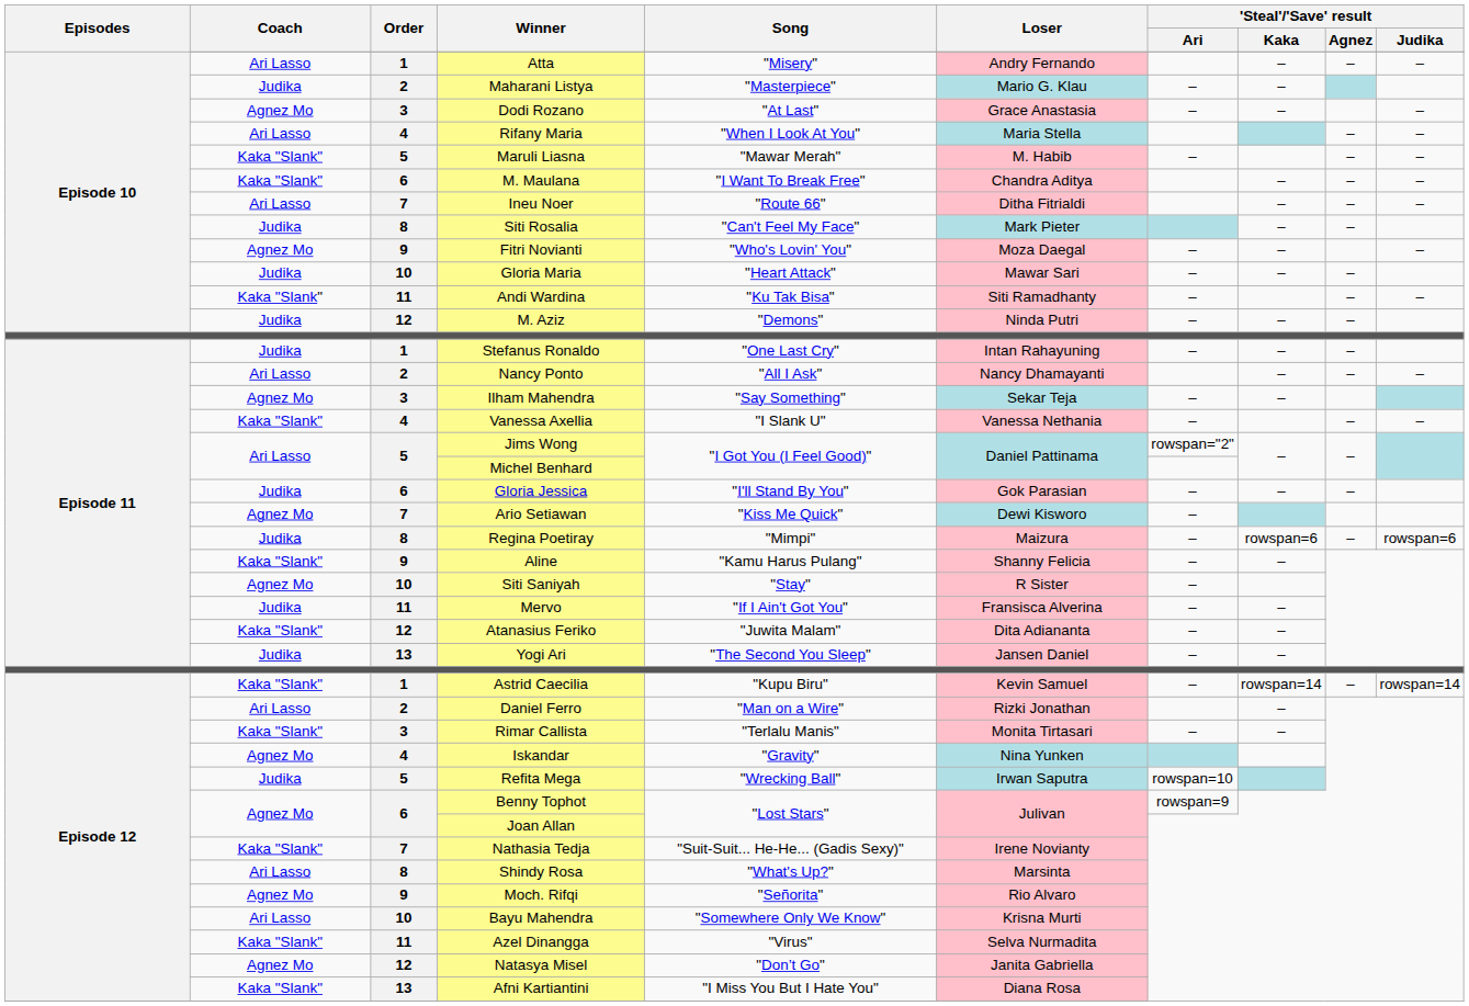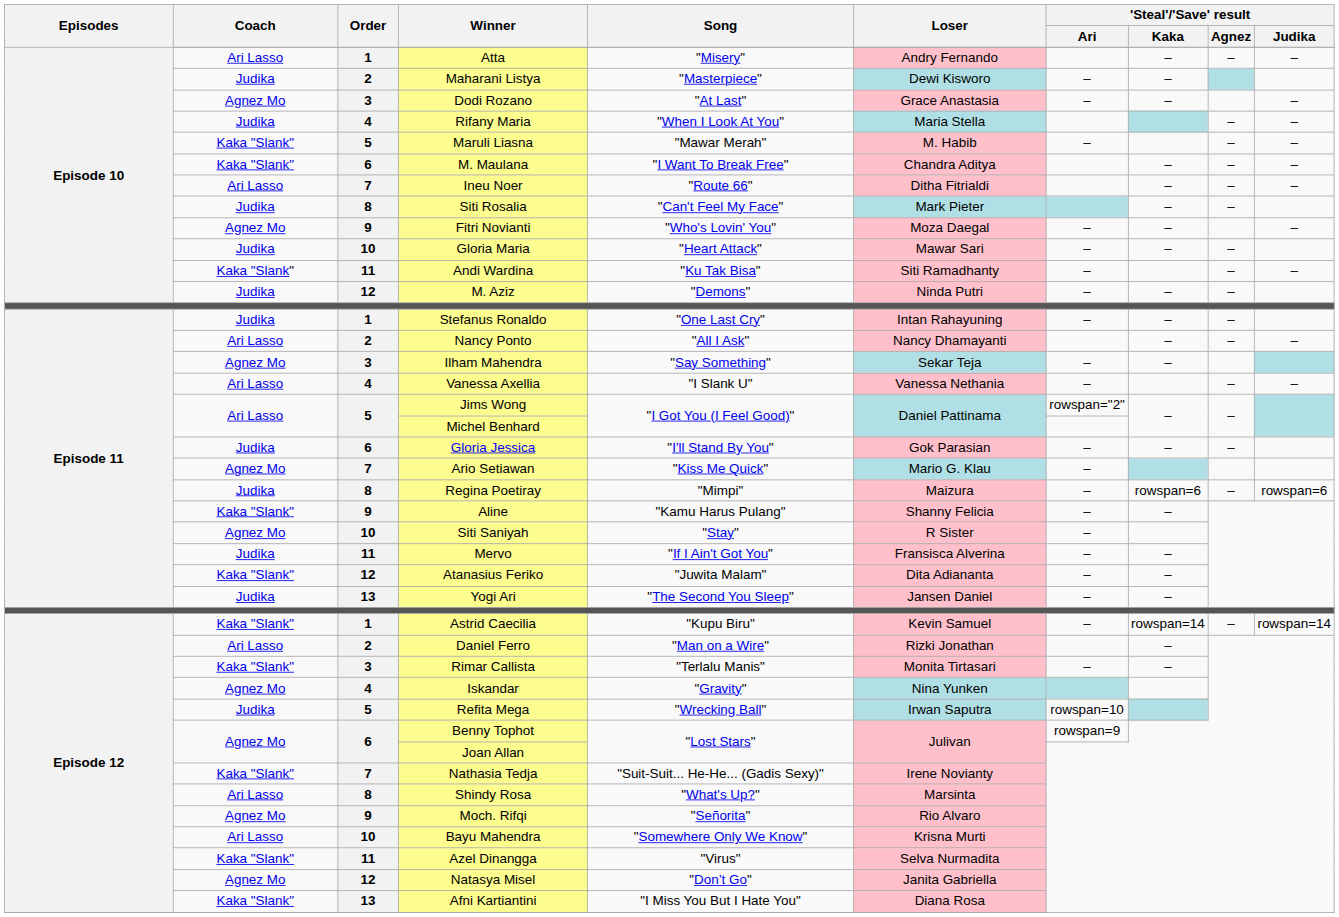 <table class="wikitable" style="text-align: center; width:100%;">
 <tr>
 <th rowspan="2" style="width:15%;">Episodes</th>
 <th rowspan="2" style="width:15%;">Coach</th>
 <th rowspan="2" style="width:05%;">Order</th>
 <th rowspan="2" style="width:17%;">Winner</th>
 <th rowspan="2" style="width:24%;">Song</th>
 <th rowspan="2" style="width:17%;">Loser</th>
 <th colspan="4" style="width:16%;">'Steal'/'Save' result</th>
 </tr>
 <tr>
 <th style="width:04%;">Ari</th>
 <th style="width:04%;">Kaka</th>
 <th style="width:04%;">Agnez</th>
 <th style="width:04%;">Judika</th>
 </tr>
 <tr>
 <th rowspan="13">Episode 10<br><small></small></th>
 </tr>
 <tr>
 <td><a href='#'>Ari Lasso</a></td>
 <th>1</th>
 <td style="background:#fdfc8f;">Atta</td>
 <td>"<a href='#'>Misery</a>"</td>
 <td style="background:pink;">Andry Fernando</td>
 <td></td>
 <td>–</td>
 <td>–</td>
 <td>–</td>
 </tr>
 <tr>
 <td><a href='#'>Judika</a></td>
 <th>2</th>
 <td style="background:#fdfc8f;">Maharani Listya</td>
 <td>"<a href='#'>Masterpiece</a>"</td>
-<td style="background:#b0e0e6">Mario G. Klau</td>
+<td style="background:#b0e0e6">Dewi Kisworo</td>
 <td>–</td>
 <td>–</td>
 <td style="background:#b0e0e6"><strong></strong></td>
 <td></td>
 </tr>
 <tr>
 <td><a href='#'>Agnez Mo</a></td>
 <th>3</th>
 <td style="background:#fdfc8f;">Dodi Rozano</td>
 <td>"<a href='#'>At Last</a>"</td>
 <td style="background:pink;">Grace Anastasia</td>
 <td>–</td>
 <td>–</td>
 <td></td>
 <td>–</td>
 </tr>
 <tr>
-<td><a href='#'>Ari Lasso</a></td>
+<td><a href='#'>Judika</a></td>
 <th>4</th>
 <td style="background:#fdfc8f;">Rifany Maria</td>
 <td>"<a href='#'>When I Look At You</a>"</td>
 <td style="background:#b0e0e6">Maria Stella</td>
 <td></td>
 <td style="background:#b0e0e6"><strong></strong></td>
 <td>–</td>
 <td>–</td>
 </tr>
 <tr>
 <td><a href='#'>Kaka "Slank"</a></td>
 <th>5</th>
 <td style="background:#fdfc8f;">Maruli Liasna</td>
 <td>"Mawar Merah"</td>
 <td style="background:pink;">M. Habib</td>
 <td>–</td>
 <td></td>
 <td>–</td>
 <td>–</td>
 </tr>
 <tr>
 <td><a href='#'>Kaka "Slank"</a></td>
 <th>6</th>
 <td style="background:#fdfc8f;">M. Maulana</td>
 <td>"<a href='#'>I Want To Break Free</a>"</td>
 <td style="background:pink;">Chandra Aditya</td>
 <td></td>
 <td>–</td>
 <td>–</td>
 <td>–</td>
 </tr>
 <tr>
 <td><a href='#'>Ari Lasso</a></td>
 <th>7</th>
 <td style="background:#fdfc8f;">Ineu Noer</td>
 <td>"<a href='#'>Route 66</a>"</td>
 <td style="background:pink;">Ditha Fitrialdi</td>
 <td></td>
 <td>–</td>
 <td>–</td>
 <td>–</td>
 </tr>
 <tr>
 <td><a href='#'>Judika</a></td>
 <th>8</th>
 <td style="background:#fdfc8f;">Siti Rosalia</td>
 <td>"<a href='#'>Can't Feel My Face</a>"</td>
 <td style="background:#B0E0E6;">Mark Pieter</td>
 <td style="background:#b0e0e6"><strong></strong></td>
 <td>–</td>
 <td>–</td>
 <td></td>
 </tr>
 <tr>
 <td><a href='#'>Agnez Mo</a></td>
 <th>9</th>
 <td style="background:#fdfc8f;">Fitri Novianti</td>
 <td>"<a href='#'>Who's Lovin' You</a>"</td>
 <td style="background:pink;">Moza Daegal</td>
 <td>–</td>
 <td>–</td>
 <td></td>
 <td>–</td>
 </tr>
 <tr>
 <td><a href='#'>Judika</a></td>
 <th>10</th>
 <td style="background:#fdfc8f;">Gloria Maria</td>
 <td>"<a href='#'>Heart Attack</a>"</td>
 <td style="background:pink;">Mawar Sari</td>
 <td>–</td>
 <td>–</td>
 <td>–</td>
 <td></td>
 </tr>
 <tr>
 <td><a href='#'>Kaka "Slank</a>"</td>
 <th>11</th>
 <td style="background:#fdfc8f;">Andi Wardina</td>
 <td>"<a href='#'>Ku Tak Bisa</a>"</td>
 <td style="background:pink;">Siti Ramadhanty</td>
 <td>–</td>
 <td></td>
 <td>–</td>
 <td>–</td>
 </tr>
 <tr>
 <td><a href='#'>Judika</a></td>
 <th>12</th>
 <td style="background:#fdfc8f;">M. Aziz</td>
 <td>"<a href='#'>Demons</a>"</td>
 <td style="background:pink;">Ninda Putri</td>
 <td>–</td>
 <td>–</td>
 <td>–</td>
 <td></td>
 </tr>
 <tr>
 <td colspan="10" style="background:#555;"></td>
 </tr>
 <tr>
 <th rowspan="14">Episode 11<br><small></small></th>
 <td><a href='#'>Judika</a></td>
 <th>1</th>
 <td style="background:#fdfc8f;">Stefanus Ronaldo</td>
 <td>"<a href='#'>One Last Cry</a>"</td>
 <td style="background:pink;">Intan Rahayuning</td>
 <td>–</td>
 <td>–</td>
 <td>–</td>
 <td></td>
 </tr>
 <tr>
 <td><a href='#'>Ari Lasso</a></td>
 <th>2</th>
 <td style="background:#fdfc8f;">Nancy Ponto</td>
 <td>"<a href='#'>All I Ask</a>"</td>
 <td style="background:pink;">Nancy Dhamayanti</td>
 <td></td>
 <td>–</td>
 <td>–</td>
 <td>–</td>
 </tr>
 <tr>
 <td><a href='#'>Agnez Mo</a></td>
 <th>3</th>
 <td style="background:#fdfc8f;">Ilham Mahendra</td>
 <td>"<a href='#'>Say Something</a>"</td>
 <td style="background:#b0e0e6">Sekar Teja</td>
 <td>–</td>
 <td>–</td>
 <td></td>
 <td style="background:#b0e0e6"><strong></strong></td>
 </tr>
 <tr>
-<td><a href='#'>Kaka "Slank"</a></td>
+<td><a href='#'>Ari Lasso</a></td>
 <th>4</th>
 <td style="background:#fdfc8f;">Vanessa Axellia</td>
 <td>"I Slank U"</td>
 <td style="background:pink;">Vanessa Nethania</td>
 <td>–</td>
 <td></td>
 <td>–</td>
 <td>–</td>
 </tr>
 <tr>
 <td rowspan="2"><a href='#'>Ari Lasso</a></td>
 <th rowspan="2">5</th>
 <td style="background:#fdfc8f;">Jims Wong</td>
 <td rowspan="2">"<a href='#'>I Got You (I Feel Good)</a>"</td>
 <td rowspan="2" style="background:#b0e0e6">Daniel Pattinama</td>
 <td>rowspan="2" </td>
 <td rowspan="2">–</td>
 <td rowspan="2">–</td>
 <td rowspan="2" style="background:#b0e0e6"><strong></strong></td>
 </tr>
 <tr>
 <td style="background:#fdfc8f;">Michel Benhard</td>
 </tr>
 <tr>
 <td><a href='#'>Judika</a></td>
 <th>6</th>
 <td style="background:#fdfc8f;"><a href='#'>Gloria Jessica</a></td>
 <td>"<a href='#'>I'll Stand By You</a>"</td>
 <td style="background:pink;">Gok Parasian</td>
 <td>–</td>
 <td>–</td>
 <td>–</td>
 <td></td>
 </tr>
 <tr>
 <td><a href='#'>Agnez Mo</a></td>
 <th>7</th>
 <td style="background:#fdfc8f;">Ario Setiawan</td>
 <td>"<a href='#'>Kiss Me Quick</a>"</td>
-<td style="background:#b0e0e6">Dewi Kisworo</td>
+<td style="background:#b0e0e6">Mario G. Klau</td>
 <td>–</td>
 <td style="background:#b0e0e6"><strong></strong></td>
 <td></td>
 <td><strong></strong></td>
 </tr>
 <tr>
 <td><a href='#'>Judika</a></td>
 <th>8</th>
 <td style="background:#fdfc8f;">Regina Poetiray</td>
 <td>"Mimpi"</td>
 <td style="background:pink;">Maizura</td>
 <td>–</td>
 <td>rowspan=6 </td>
 <td>–</td>
 <td>rowspan=6 </td>
 </tr>
 <tr>
 <td><a href='#'>Kaka "Slank"</a></td>
 <th>9</th>
 <td style="background:#fdfc8f;">Aline</td>
 <td>"Kamu Harus Pulang"</td>
 <td style="background:pink;">Shanny Felicia</td>
 <td>–</td>
 <td>–</td>
 </tr>
 <tr>
 <td><a href='#'>Agnez Mo</a></td>
 <th>10</th>
 <td style="background:#fdfc8f;">Siti Saniyah</td>
 <td>"<a href='#'>Stay</a>"</td>
 <td style="background:pink;">R Sister</td>
 <td>–</td>
 <td></td>
 </tr>
 <tr>
 <td><a href='#'>Judika</a></td>
 <th>11</th>
 <td style="background:#fdfc8f;">Mervo</td>
 <td>"<a href='#'>If I Ain't Got You</a>"</td>
 <td style="background:pink;">Fransisca Alverina</td>
 <td>–</td>
 <td>–</td>
 </tr>
 <tr>
 <td><a href='#'>Kaka "Slank"</a></td>
 <th>12</th>
 <td style="background:#fdfc8f;">Atanasius Feriko</td>
 <td>"Juwita Malam"</td>
 <td style="background:pink;">Dita Adiananta</td>
 <td>–</td>
 <td>–</td>
 </tr>
 <tr>
 <td><a href='#'>Judika</a></td>
 <th>13</th>
 <td style="background:#fdfc8f;">Yogi Ari</td>
 <td>"<a href='#'>The Second You Sleep</a>"</td>
 <td style="background:pink;">Jansen Daniel</td>
 <td>–</td>
 <td>–</td>
 </tr>
 <tr>
 <td colspan="10" style="background:#555;"></td>
 </tr>
 <tr>
 <th rowspan="15">Episode 12<br><small></small></th>
 </tr>
 <tr>
 <td><a href='#'>Kaka "Slank"</a></td>
 <th>1</th>
 <td style="background:#fdfc8f;">Astrid Caecilia</td>
 <td>"Kupu Biru"</td>
 <td style="background:pink;">Kevin Samuel</td>
 <td>–</td>
 <td>rowspan=14 </td>
 <td>–</td>
 <td>rowspan=14 </td>
 </tr>
 <tr>
 <td><a href='#'>Ari Lasso</a></td>
 <th>2</th>
 <td style="background:#fdfc8f;">Daniel Ferro</td>
 <td>"<a href='#'>Man on a Wire</a>"</td>
 <td style="background:pink;">Rizki Jonathan</td>
 <td></td>
 <td>–</td>
 </tr>
 <tr>
 <td><a href='#'>Kaka "Slank"</a></td>
 <th>3</th>
 <td style="background:#fdfc8f;">Rimar Callista</td>
 <td>"Terlalu Manis"</td>
 <td style="background:pink;">Monita Tirtasari</td>
 <td>–</td>
 <td>–</td>
 </tr>
 <tr>
 <td><a href='#'>Agnez Mo</a></td>
 <th>4</th>
 <td style="background:#fdfc8f;">Iskandar</td>
 <td>"<a href='#'>Gravity</a>"</td>
 <td style="background:#b0e0e6">Nina Yunken</td>
 <td style="background:#b0e0e6"><strong></strong></td>
 <td></td>
 </tr>
 <tr>
 <td><a href='#'>Judika</a></td>
 <th>5</th>
 <td style="background:#fdfc8f;">Refita Mega</td>
 <td>"<a href='#'>Wrecking Ball</a>"</td>
 <td style="background:#b0e0e6">Irwan Saputra</td>
 <td>rowspan=10 </td>
 <td style="background:#b0e0e6"><strong></strong></td>
 </tr>
 <tr>
 <td rowspan="2"><a href='#'>Agnez Mo</a></td>
 <th rowspan="2">6</th>
 <td style="background:#fdfc8f;">Benny Tophot</td>
 <td rowspan="2">"<a href='#'>Lost Stars</a>"</td>
 <td rowspan="2" style="background:pink;">Julivan</td>
 <td>rowspan=9 </td>
 </tr>
 <tr>
 <td style="background:#fdfc8f;">Joan Allan</td>
 </tr>
 <tr>
 <td><a href='#'>Kaka "Slank"</a></td>
 <th>7</th>
 <td style="background:#fdfc8f;">Nathasia Tedja</td>
 <td>"Suit-Suit... He-He... (Gadis Sexy)"</td>
 <td style="background:pink;">Irene Novianty</td>
 </tr>
 <tr>
 <td><a href='#'>Ari Lasso</a></td>
 <th>8</th>
 <td style="background:#fdfc8f;">Shindy Rosa</td>
 <td>"<a href='#'>What's Up?</a>"</td>
 <td style="background:pink;">Marsinta</td>
 </tr>
 <tr>
 <td><a href='#'>Agnez Mo</a></td>
 <th>9</th>
 <td style="background:#fdfc8f;">Moch. Rifqi</td>
 <td>"<a href='#'>Señorita</a>"</td>
 <td style="background:pink;">Rio Alvaro</td>
 </tr>
 <tr>
 <td><a href='#'>Ari Lasso</a></td>
 <th>10</th>
 <td style="background:#fdfc8f;">Bayu Mahendra</td>
 <td>"<a href='#'>Somewhere Only We Know</a>"</td>
 <td style="background:pink;">Krisna Murti</td>
 </tr>
 <tr>
 <td><a href='#'>Kaka "Slank"</a></td>
 <th>11</th>
 <td style="background:#fdfc8f;">Azel Dinangga</td>
 <td>"Virus"</td>
 <td style="background:pink;">Selva Nurmadita</td>
 </tr>
 <tr>
 <td><a href='#'>Agnez Mo</a></td>
 <th>12</th>
 <td style="background:#fdfc8f;">Natasya Misel</td>
 <td>"<a href='#'>Don’t Go</a>"</td>
 <td style="background:pink;">Janita Gabriella</td>
 </tr>
 <tr>
 <td><a href='#'>Kaka "Slank"</a></td>
 <th>13</th>
 <td style="background:#fdfc8f;">Afni Kartiantini</td>
 <td>"I Miss You But I Hate You"</td>
 <td style="background:pink;">Diana Rosa</td>
 </tr>
 <tr>
 </tr>
 </table>
